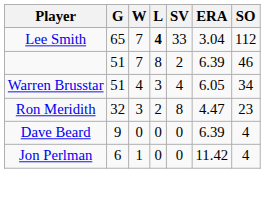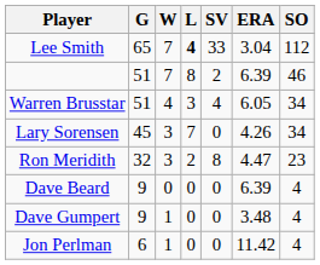 <table class="wikitable sortable" style="text-align:center">
 <tr>
 <th>Player</th>
 <th>G</th>
 <th>W</th>
 <th>L</th>
 <th>SV</th>
 <th>ERA</th>
 <th>SO</th>
 </tr>
 <tr>
 <td><a href='#'>Lee Smith</a></td>
 <td>65</td>
 <td>7</td>
 <td><strong>4</strong></td>
 <td>33</td>
 <td>3.04</td>
 <td>112</td>
 </tr>
 <tr>
 <td></td>
 <td>51</td>
 <td>7</td>
 <td>8</td>
 <td>2</td>
 <td>6.39</td>
 <td>46</td>
 </tr>
 <tr>
 <td><a href='#'>Warren Brusstar</a></td>
 <td>51</td>
 <td>4</td>
 <td>3</td>
 <td>4</td>
 <td>6.05</td>
 <td>34</td>
 </tr>
 <tr>
+<td><a href='#'>Lary Sorensen</a></td>
+<td>45</td>
+<td>3</td>
+<td>7</td>
+<td>0</td>
+<td>4.26</td>
+<td>34</td>
+</tr>
+<tr>
 <td><a href='#'>Ron Meridith</a></td>
 <td>32</td>
 <td>3</td>
 <td>2</td>
 <td>8</td>
 <td>4.47</td>
 <td>23</td>
 </tr>
 <tr>
 <td><a href='#'>Dave Beard</a></td>
 <td>9</td>
 <td>0</td>
 <td>0</td>
 <td>0</td>
 <td>6.39</td>
 <td>4</td>
 </tr>
 <tr>
+<td><a href='#'>Dave Gumpert</a></td>
+<td>9</td>
+<td>1</td>
+<td>0</td>
+<td>0</td>
+<td>3.48</td>
+<td>4</td>
+</tr>
+<tr>
 <td><a href='#'>Jon Perlman</a></td>
 <td>6</td>
 <td>1</td>
 <td>0</td>
 <td>0</td>
 <td>11.42</td>
 <td>4</td>
 </tr>
 </table>
